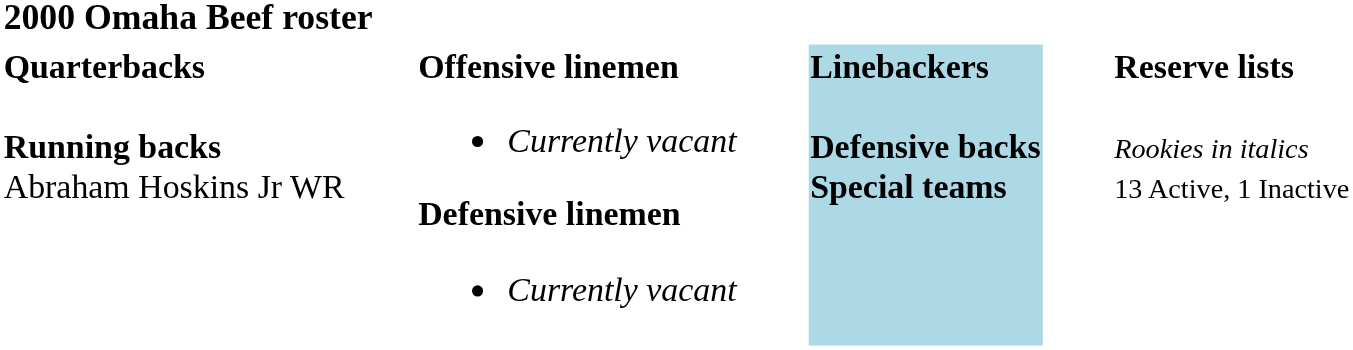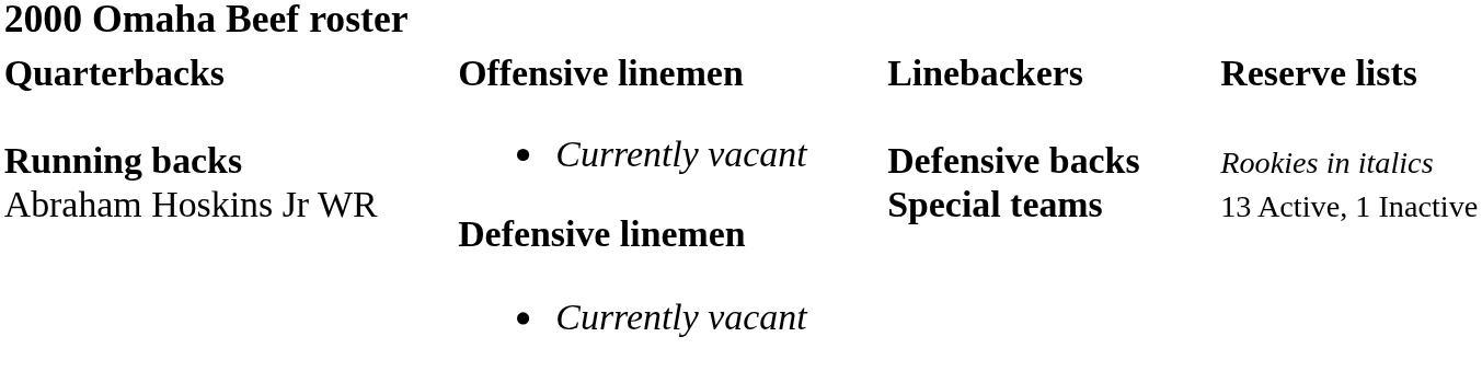 <table class="toccolours" style="text-align: left;">
 <tr>
 <th colspan=7><strong>2000 Omaha Beef roster</strong></th>
 </tr>
 <tr>
 <td style="font-size: 95%;vertical-align:top;"><strong>Quarterbacks</strong><br>  <br><strong>Running backs</strong>  <br>Abraham Hoskins Jr WR</td>
 <td style="width: 25px;"></td>
 <td style="font-size: 95%;vertical-align:top;"><strong>Offensive linemen</strong><br><ul><li><em>Currently vacant</em></li></ul><strong>Defensive linemen</strong><ul><li><em>Currently vacant</em></li></ul></td>
 <td style="width: 25px;"></td>
-<td style="background: lightblue; font-size: 95%;vertical-align:top;"><strong>Linebackers</strong><br> <br><strong>Defensive backs</strong>     <br><strong>Special teams</strong> </td>
+<td style="font-size: 95%;vertical-align:top;"><strong>Linebackers</strong><br> <br><strong>Defensive backs</strong>     <br><strong>Special teams</strong> </td>
 <td style="width: 25px;"></td>
 <td style="font-size: 95%;vertical-align:top;"><strong>Reserve lists</strong><br><br><small><em>Rookies in italics</em></small><br> <small>13 Active, 1 Inactive</small></td>
 </tr>
 <tr>
 </tr>
 </table>
